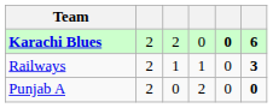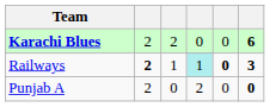 <table class="wikitable sortable" style="text-align:center";"font-size:95%">
 <tr>
 <th style="width:130px;">Team</th>
 <th style="width:20px;"></th>
 <th style="width:20px;"></th>
 <th style="width:20px;"></th>
 <th style="width:20px;"></th>
 <th style="width:20px;"></th>
 </tr>
 <tr bgcolor="#ccffcc">
 <td style="text-align:left"><strong><a href='#'>Karachi Blues</a></strong></td>
 <td>2</td>
 <td>2</td>
 <td>0</td>
-<td><strong>0</strong></td>
+<td>0</td>
 <td><strong>6</strong></td>
 </tr>
 <tr>
 <td style="text-align:left"><a href='#'>Railways</a></td>
-<td>2</td>
+<td><strong>2</strong></td>
 <td>1</td>
-<td>1</td>
-<td>0</td>
+<td style="background: paleturquoise;">1</td>
+<td><strong>0</strong></td>
 <td><strong>3</strong></td>
 </tr>
 <tr>
 <td style="text-align:left"><a href='#'>Punjab A</a></td>
 <td>2</td>
 <td>0</td>
 <td>2</td>
 <td>0</td>
 <td><strong>0</strong></td>
 </tr>
 </table>
